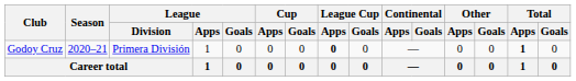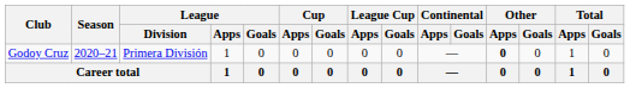 <table class="wikitable" style="text-align:center">
 <tr>
 <th rowspan="2">Club</th>
 <th rowspan="2">Season</th>
 <th colspan="3">League</th>
 <th colspan="2">Cup</th>
 <th colspan="2">League Cup</th>
 <th colspan="2">Continental</th>
 <th colspan="2">Other</th>
 <th colspan="2">Total</th>
 </tr>
 <tr>
 <th>Division</th>
 <th>Apps</th>
 <th>Goals</th>
 <th>Apps</th>
 <th>Goals</th>
 <th>Apps</th>
 <th>Goals</th>
 <th>Apps</th>
 <th>Goals</th>
 <th>Apps</th>
 <th>Goals</th>
 <th>Apps</th>
 <th>Goals</th>
 </tr>
 <tr>
 <td rowspan="1"><a href='#'>Godoy Cruz</a></td>
 <td><a href='#'>2020–21</a></td>
 <td rowspan="1"><a href='#'>Primera División</a></td>
 <td>1</td>
 <td>0</td>
 <td>0</td>
 <td>0</td>
+<td>0</td>
+<td>0</td>
+<td colspan="2">—</td>
 <td><strong>0</strong></td>
 <td>0</td>
-<td colspan="2">—</td>
-<td>0</td>
-<td>0</td>
-<td><strong>1</strong></td>
+<td>1</td>
 <td>0</td>
 </tr>
 <tr>
 <th colspan="3">Career total</th>
 <th>1</th>
 <th>0</th>
 <th>0</th>
 <th>0</th>
 <th>0</th>
 <th>0</th>
 <th colspan="2">—</th>
 <th>0</th>
 <th>0</th>
 <th>1</th>
 <th>0</th>
 </tr>
 </table>
